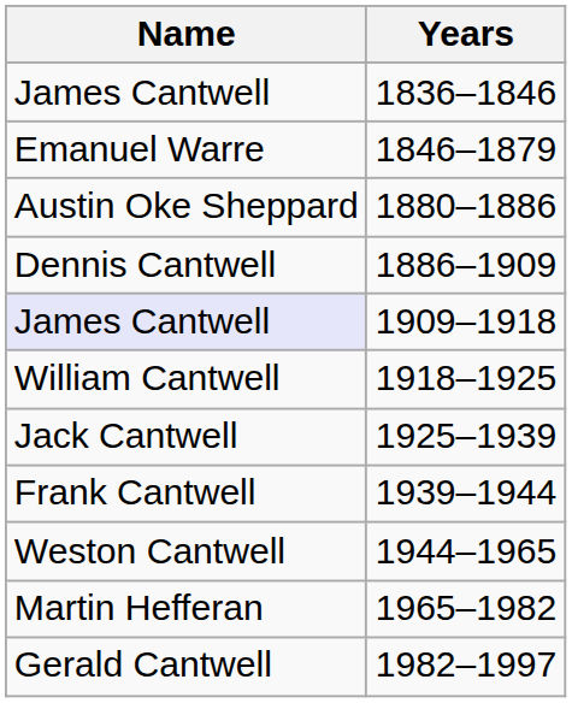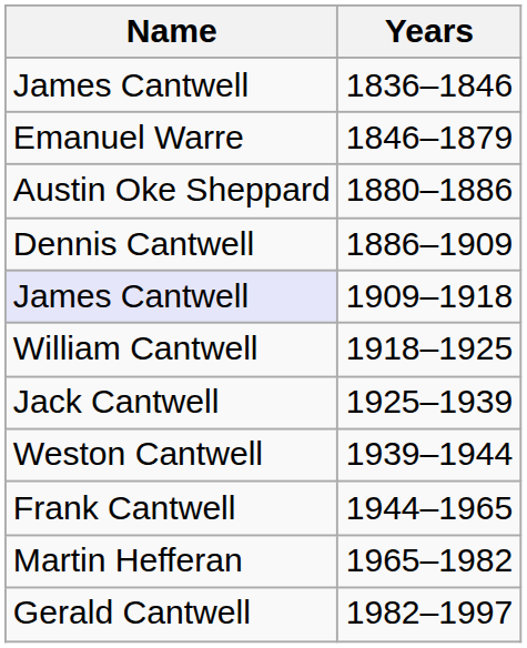 <table class="wikitable">
 <tr>
 <th>Name</th>
 <th>Years</th>
 </tr>
 <tr>
 <td>James Cantwell</td>
 <td>1836–1846</td>
 </tr>
 <tr>
 <td>Emanuel Warre</td>
 <td>1846–1879</td>
 </tr>
 <tr>
 <td>Austin Oke Sheppard</td>
 <td>1880–1886</td>
 </tr>
 <tr>
 <td>Dennis Cantwell</td>
 <td>1886–1909</td>
 </tr>
 <tr>
 <td style="background: lavender;">James Cantwell</td>
 <td>1909–1918</td>
 </tr>
 <tr>
 <td>William Cantwell</td>
 <td>1918–1925</td>
 </tr>
 <tr>
 <td>Jack Cantwell</td>
 <td>1925–1939</td>
 </tr>
 <tr>
-<td>Frank Cantwell</td>
+<td>Weston Cantwell</td>
 <td>1939–1944</td>
 </tr>
 <tr>
-<td>Weston Cantwell</td>
+<td>Frank Cantwell</td>
 <td>1944–1965</td>
 </tr>
 <tr>
 <td>Martin Hefferan</td>
 <td>1965–1982</td>
 </tr>
 <tr>
 <td>Gerald Cantwell</td>
 <td>1982–1997</td>
 </tr>
 </table>
